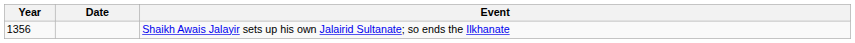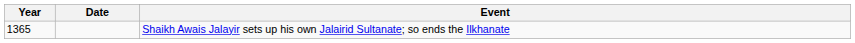 <table class="wikitable" width="100%">
 <tr>
 <th style="width:6%">Year</th>
 <th style="width:10%">Date</th>
 <th>Event</th>
 </tr>
 <tr>
-<td>1356</td>
+<td>1365</td>
 <td></td>
 <td><a href='#'>Shaikh Awais Jalayir</a> sets up his own <a href='#'>Jalairid Sultanate</a>; so ends the <a href='#'>Ilkhanate</a></td>
 </tr>
 </table>
